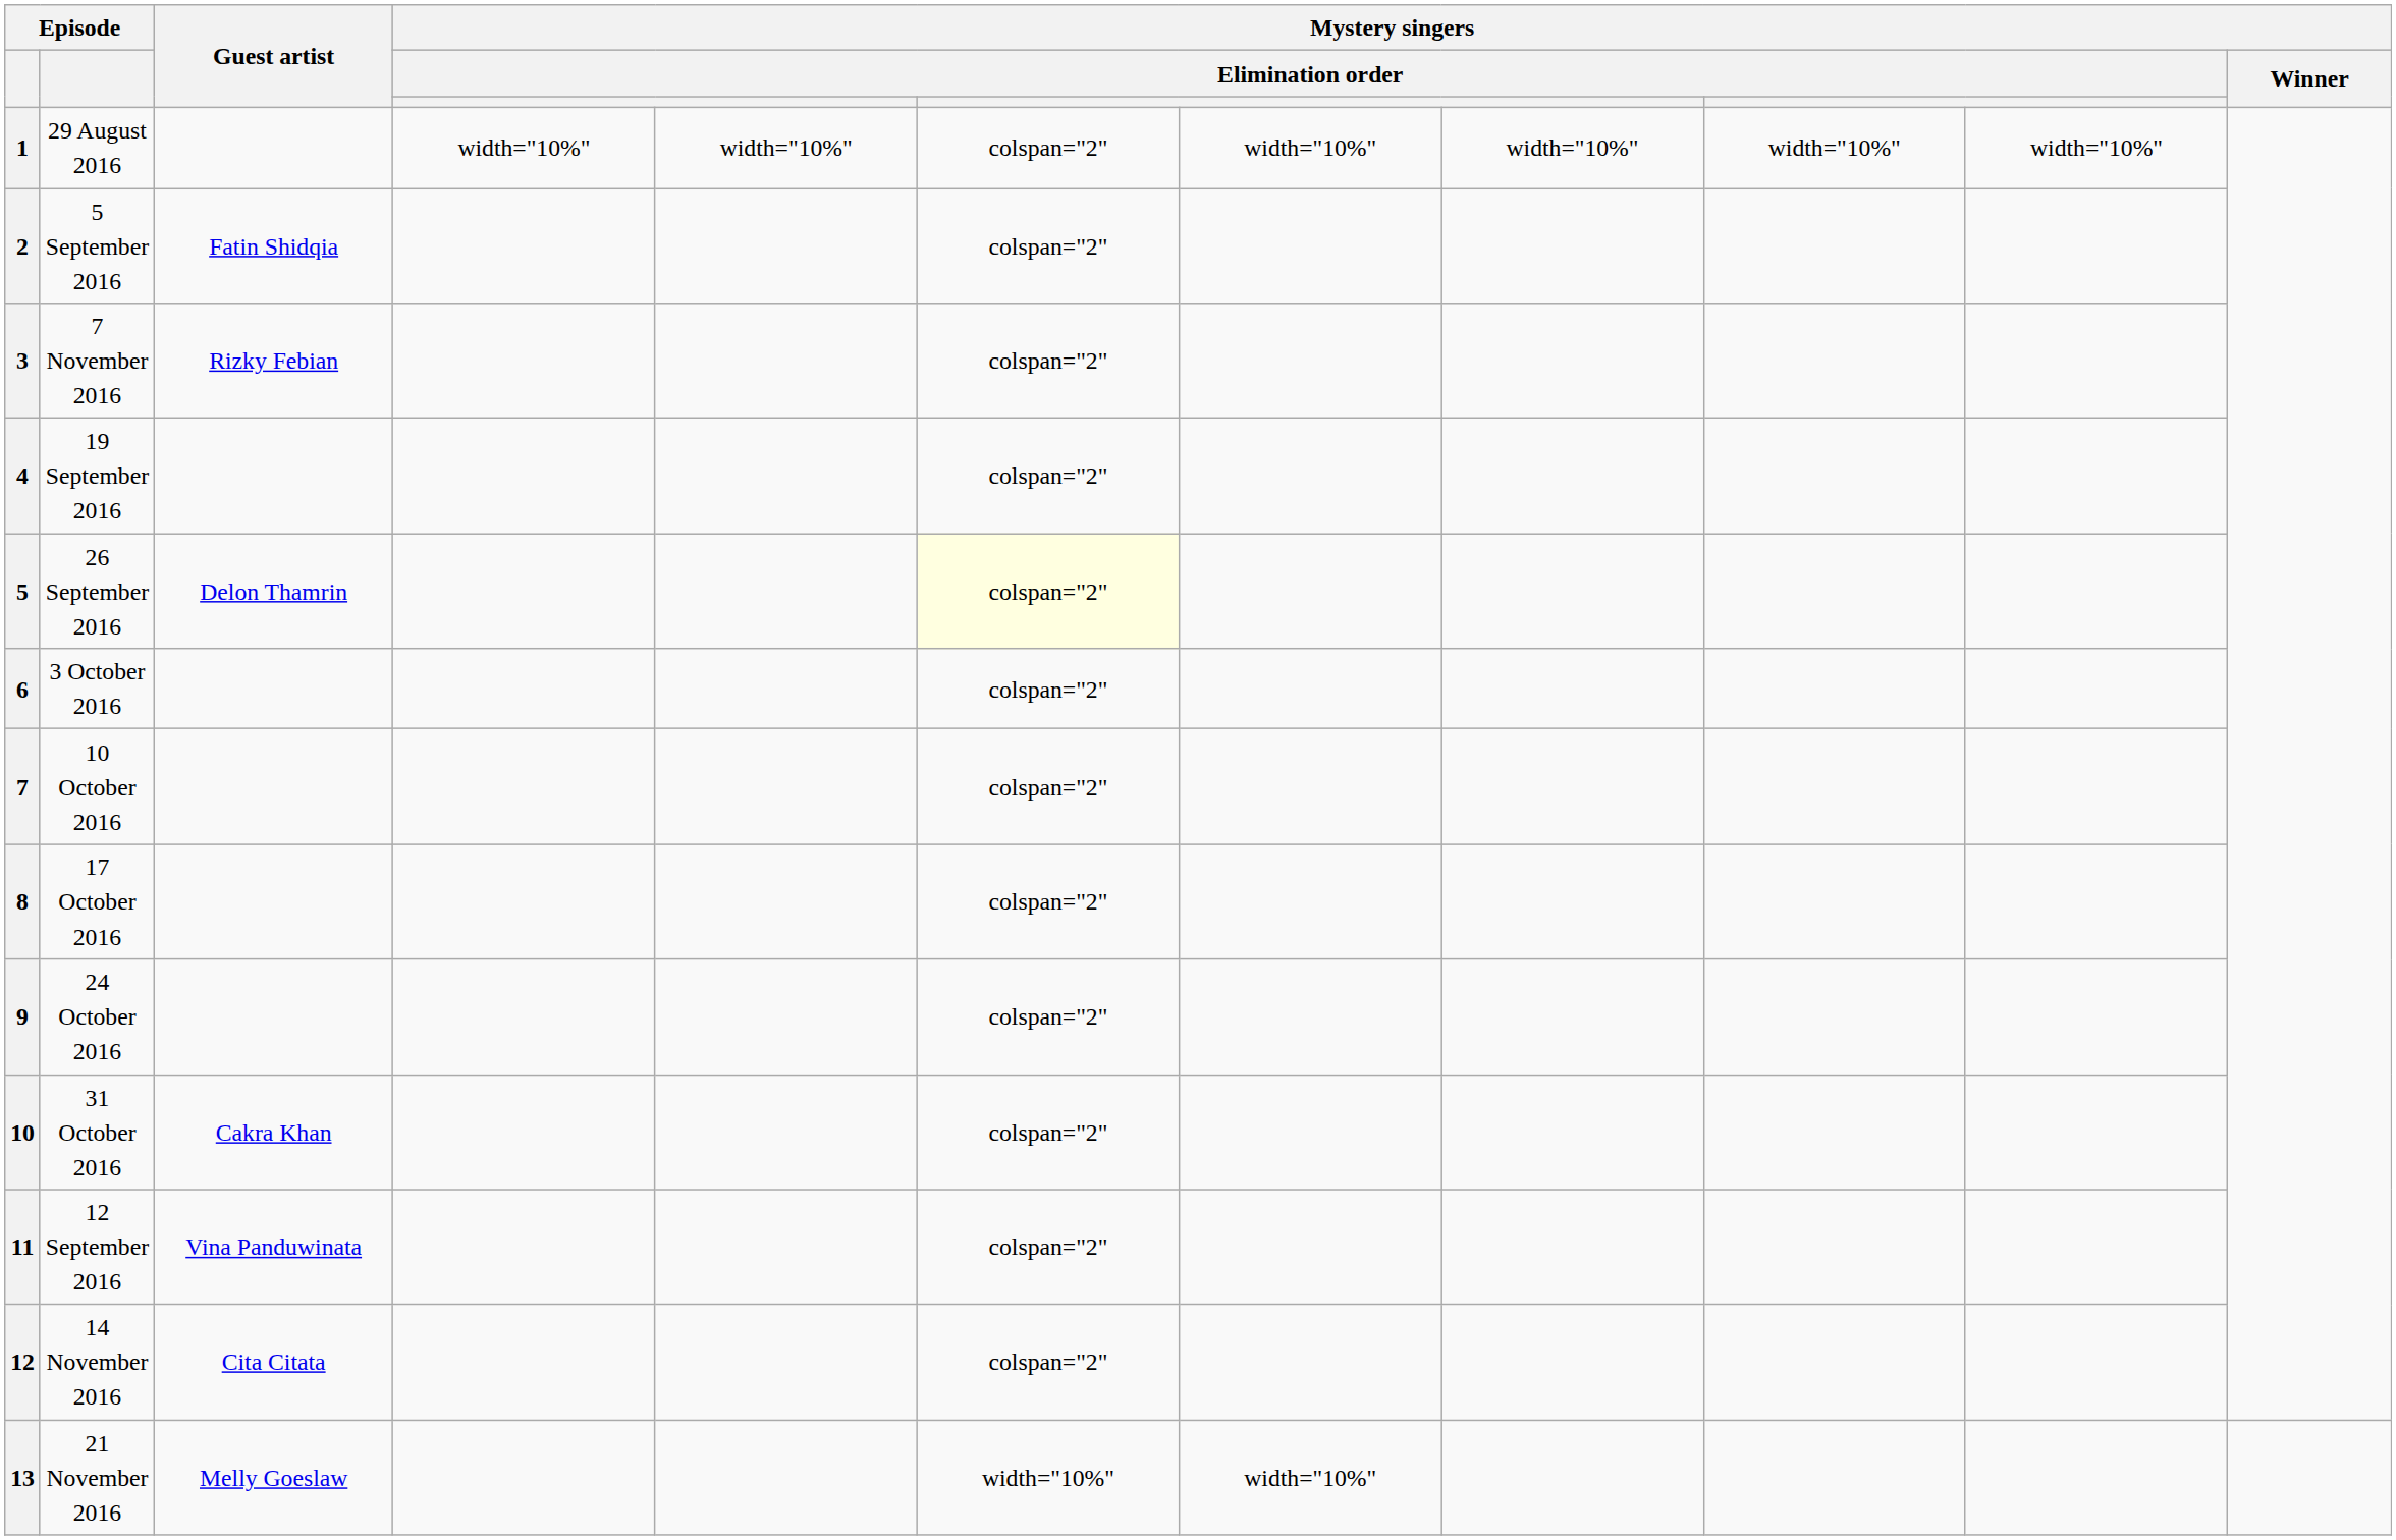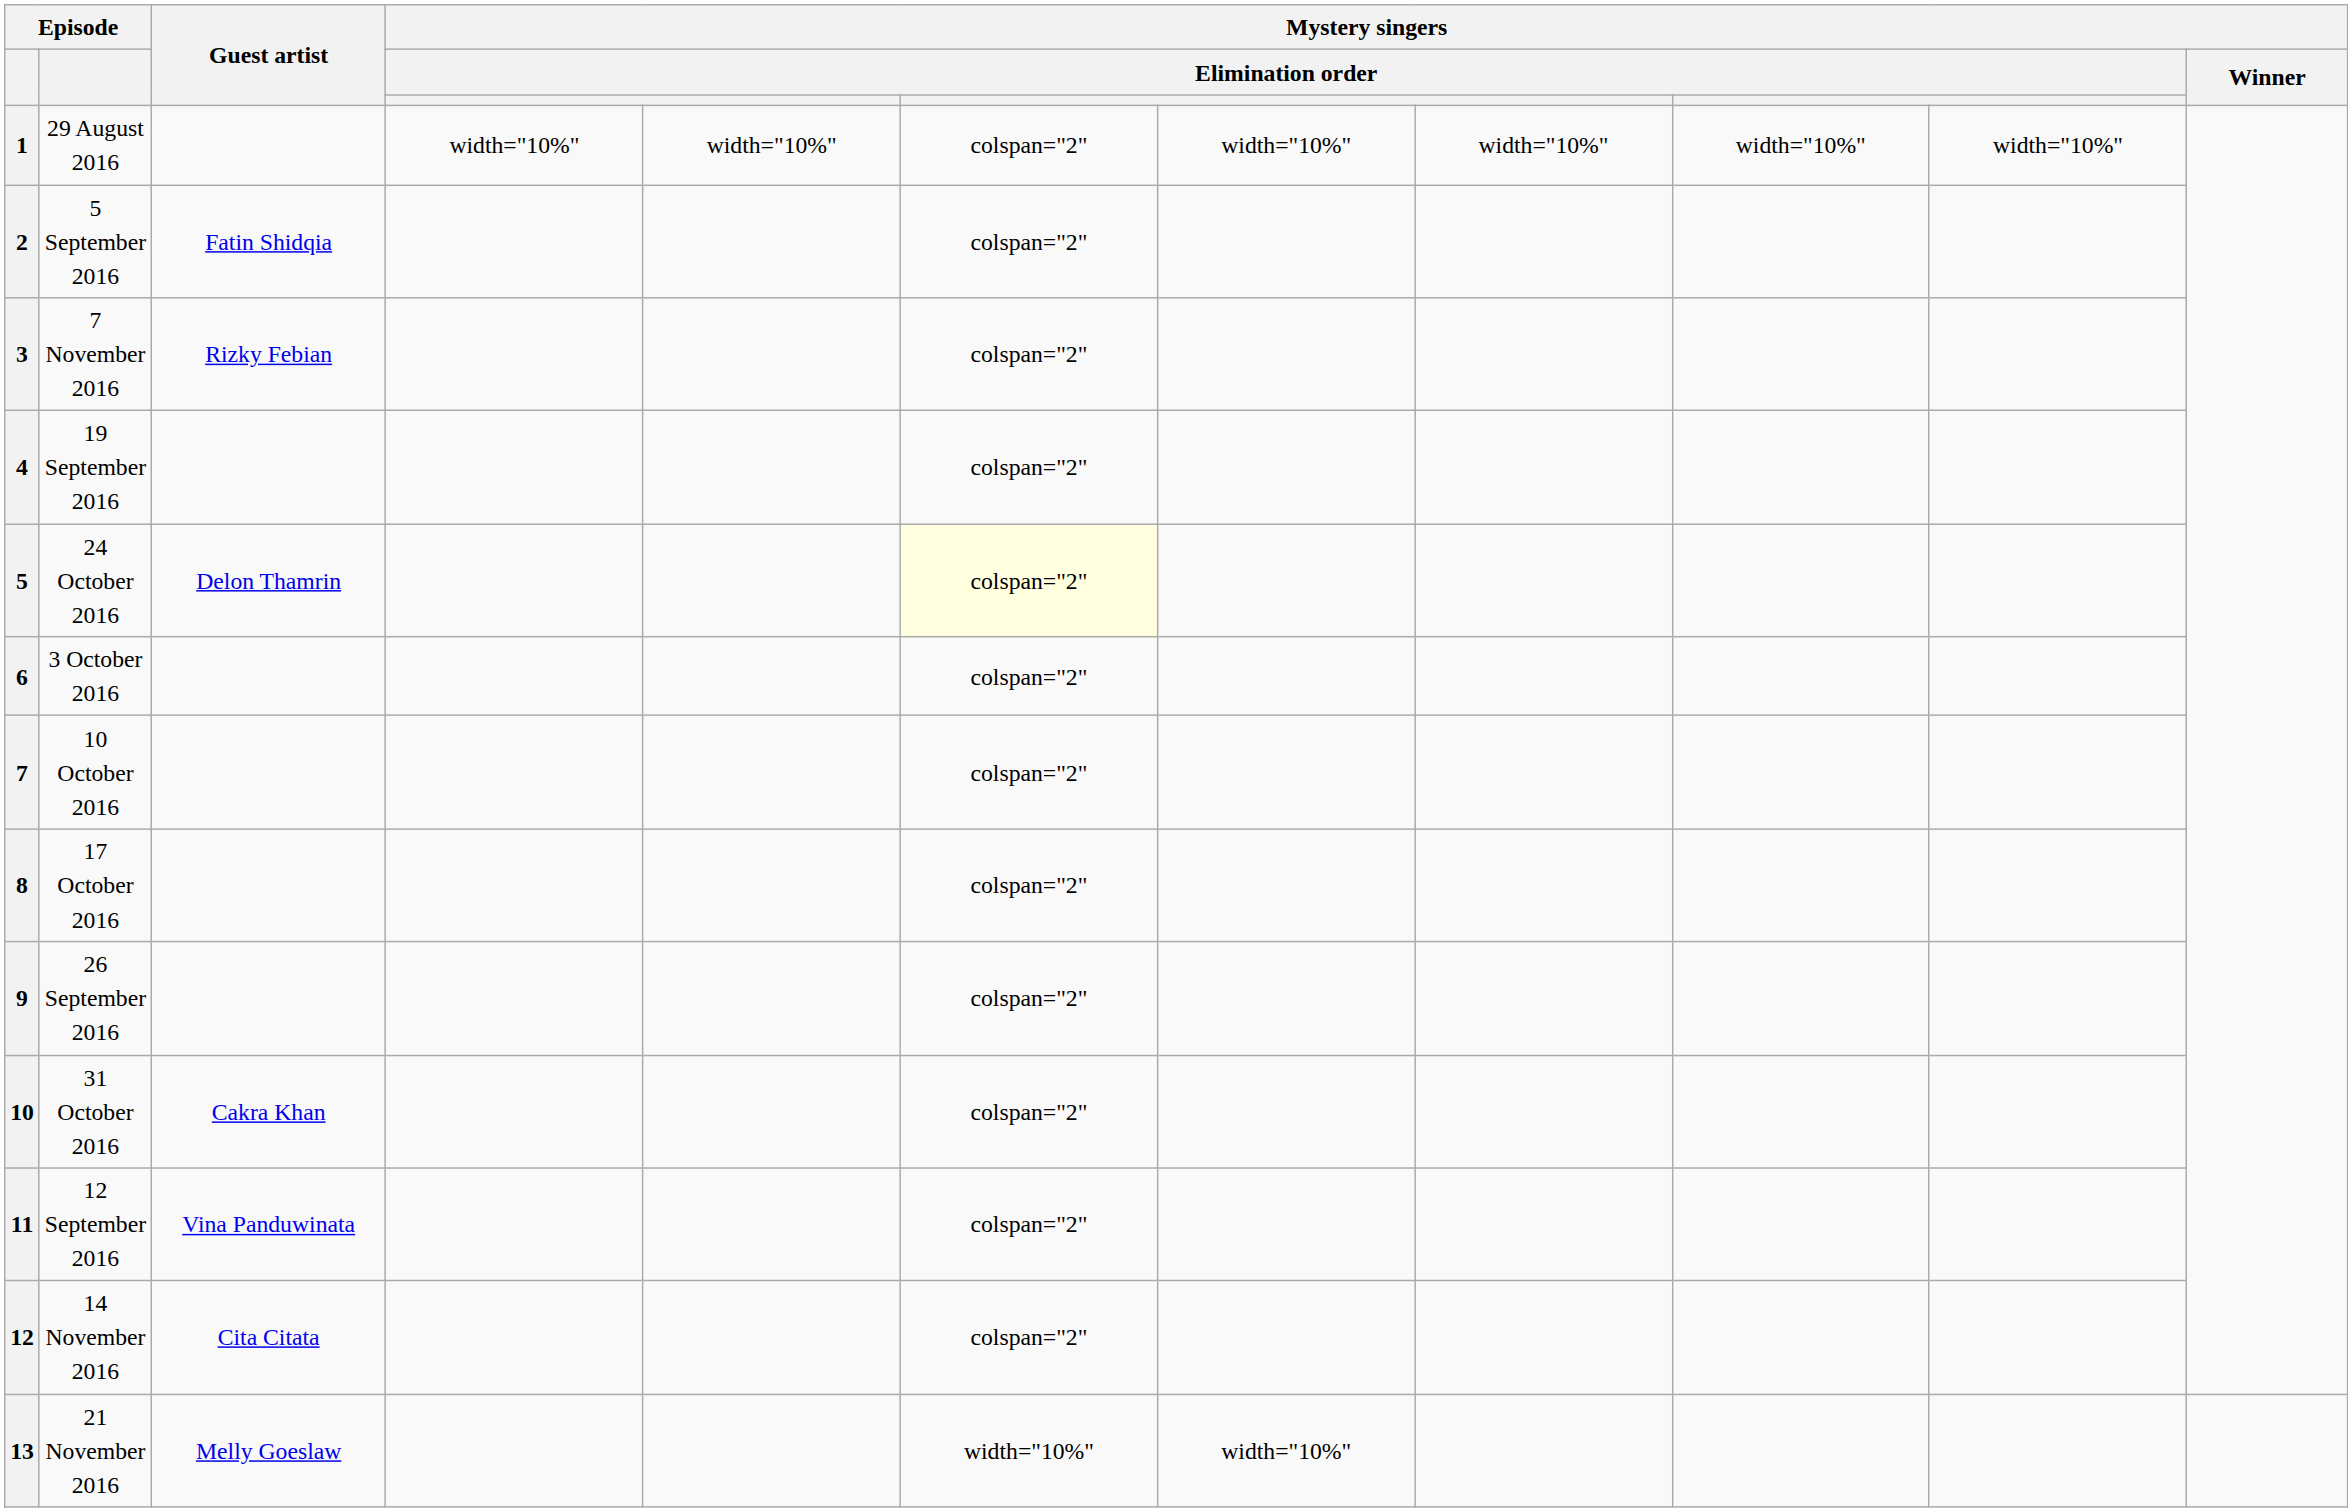 <table class="wikitable plainrowheaders mw-collapsible" style="text-align:center; line-height:23px; width:100%;">
 <tr>
 <th colspan="2" width="1%">Episode</th>
 <th rowspan="3" width="10%">Guest artist</th>
 <th colspan="8">Mystery singers<br></th>
 </tr>
 <tr>
 <th rowspan="2"></th>
 <th rowspan="2"></th>
 <th colspan="7">Elimination order</th>
 <th rowspan="2">Winner</th>
 </tr>
 <tr>
 <th colspan="2"></th>
 <th colspan="3"></th>
 <th colspan="2"></th>
 </tr>
 <tr>
 <th>1</th>
 <td>29 August 2016</td>
 <td></td>
 <td>width="10%" </td>
 <td>width="10%" </td>
 <td>colspan="2" </td>
 <td>width="10%" </td>
 <td>width="10%" </td>
 <td>width="10%" </td>
 <td>width="10%" </td>
 </tr>
 <tr>
 <th>2</th>
 <td>5 September 2016</td>
 <td><a href='#'>Fatin Shidqia</a></td>
 <td></td>
 <td></td>
 <td>colspan="2" </td>
 <td></td>
 <td></td>
 <td></td>
 <td></td>
 </tr>
 <tr>
 <th>3</th>
 <td>7 November 2016</td>
 <td><a href='#'>Rizky Febian</a></td>
 <td></td>
 <td></td>
 <td>colspan="2" </td>
 <td></td>
 <td></td>
 <td></td>
 <td></td>
 </tr>
 <tr>
 <th>4</th>
 <td>19 September 2016</td>
 <td></td>
 <td></td>
 <td></td>
 <td>colspan="2" </td>
 <td></td>
 <td></td>
 <td></td>
 <td></td>
 </tr>
 <tr>
 <th>5</th>
-<td>26 September 2016</td>
+<td>24 October 2016</td>
 <td><a href='#'>Delon Thamrin</a></td>
 <td></td>
 <td></td>
 <td style="background: lightyellow;">colspan="2" </td>
 <td></td>
 <td></td>
 <td></td>
 <td></td>
 </tr>
 <tr>
 <th>6</th>
 <td>3 October 2016</td>
 <td></td>
 <td></td>
 <td></td>
 <td>colspan="2" </td>
 <td></td>
 <td></td>
 <td></td>
 <td></td>
 </tr>
 <tr>
 <th>7</th>
 <td>10 October 2016</td>
 <td></td>
 <td></td>
 <td></td>
 <td>colspan="2" </td>
 <td></td>
 <td></td>
 <td></td>
 <td></td>
 </tr>
 <tr>
 <th>8</th>
 <td>17 October 2016</td>
 <td></td>
 <td></td>
 <td></td>
 <td>colspan="2" </td>
 <td></td>
 <td></td>
 <td></td>
 <td></td>
 </tr>
 <tr>
 <th>9</th>
-<td>24 October 2016</td>
+<td>26 September 2016</td>
 <td></td>
 <td></td>
 <td></td>
 <td>colspan="2" </td>
 <td></td>
 <td></td>
 <td></td>
 <td></td>
 </tr>
 <tr>
 <th>10</th>
 <td>31 October 2016</td>
 <td><a href='#'>Cakra Khan</a></td>
 <td></td>
 <td></td>
 <td>colspan="2" </td>
 <td></td>
 <td></td>
 <td></td>
 <td></td>
 </tr>
 <tr>
 <th>11</th>
 <td>12 September 2016</td>
 <td><a href='#'>Vina Panduwinata</a></td>
 <td></td>
 <td></td>
 <td>colspan="2" </td>
 <td></td>
 <td></td>
 <td></td>
 <td></td>
 </tr>
 <tr>
 <th>12</th>
 <td>14 November 2016</td>
 <td><a href='#'>Cita Citata</a></td>
 <td></td>
 <td></td>
 <td>colspan="2" </td>
 <td></td>
 <td></td>
 <td></td>
 <td></td>
 </tr>
 <tr>
 <th>13</th>
 <td>21 November 2016</td>
 <td><a href='#'>Melly Goeslaw</a></td>
 <td></td>
 <td></td>
 <td>width="10%" </td>
 <td>width="10%" </td>
 <td></td>
 <td></td>
 <td></td>
 <td></td>
 </tr>
 </table>
